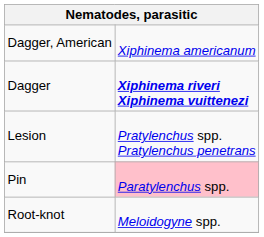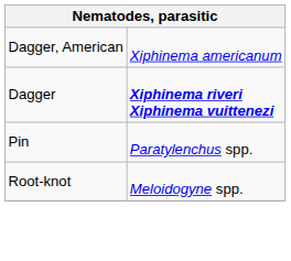 <table class="wikitable" style="clear">
 <tr>
 <th colspan=2><strong>Nematodes, parasitic</strong><br></th>
 </tr>
 <tr>
 <td>Dagger, American</td>
 <td><br><em><a href='#'>Xiphinema americanum</a></em></td>
 </tr>
 <tr>
 <td>Dagger</td>
 <td><strong><br><em><a href='#'>Xiphinema riveri</a></em><br> <em><a href='#'>Xiphinema vuittenezi</a></em></strong></td>
 </tr>
 <tr>
-<td>Lesion</td>
-<td><br><em><a href='#'>Pratylenchus</a></em> spp. <br> <em><a href='#'>Pratylenchus penetrans</a></em></td>
-</tr>
-<tr>
 <td>Pin</td>
-<td style="background: pink;"><br><em><a href='#'>Paratylenchus</a></em> spp.</td>
+<td><br><em><a href='#'>Paratylenchus</a></em> spp.</td>
 </tr>
 <tr>
 <td>Root-knot</td>
 <td><br><em><a href='#'>Meloidogyne</a></em> spp.</td>
 </tr>
 <tr>
 </tr>
 </table>
